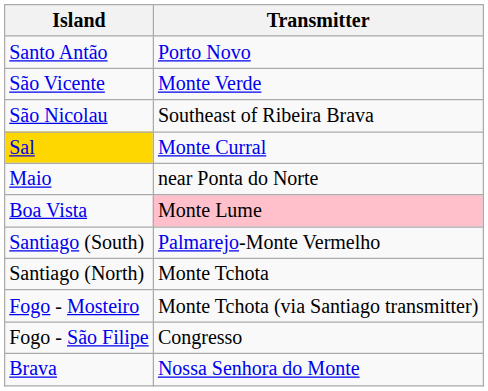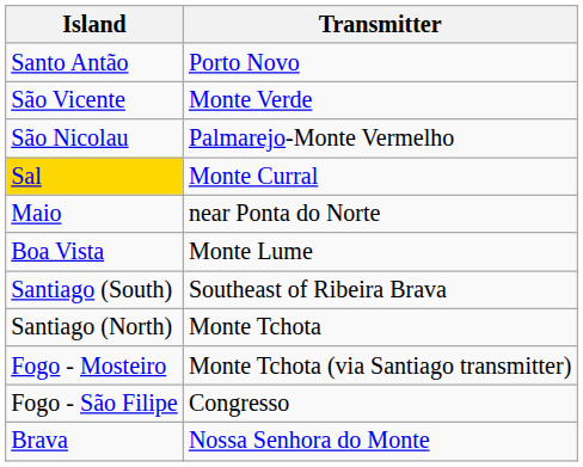 <table class="wikitable sortable">
 <tr>
 <th>Island</th>
 <th>Transmitter</th>
 </tr>
 <tr>
 <td><a href='#'>Santo Antão</a></td>
 <td><a href='#'>Porto Novo</a></td>
 </tr>
 <tr>
 <td><a href='#'>São Vicente</a></td>
 <td><a href='#'>Monte Verde</a></td>
 </tr>
 <tr>
 <td><a href='#'>São Nicolau</a></td>
-<td>Southeast of Ribeira Brava</td>
+<td><a href='#'>Palmarejo</a>-Monte Vermelho</td>
 </tr>
 <tr>
 <td style="background: gold;"><a href='#'>Sal</a></td>
 <td><a href='#'>Monte Curral</a></td>
 </tr>
 <tr>
 <td><a href='#'>Maio</a></td>
 <td>near Ponta do Norte</td>
 </tr>
 <tr>
 <td><a href='#'>Boa Vista</a></td>
-<td style="background: pink;">Monte Lume</td>
+<td>Monte Lume</td>
 </tr>
 <tr>
 <td rowspan=2><a href='#'>Santiago</a> (South)</td>
-<td><a href='#'>Palmarejo</a>-Monte Vermelho</td>
+<td>Southeast of Ribeira Brava</td>
 </tr>
 <tr>
 <td rowspan=2>Monte Tchota</td>
 </tr>
 <tr>
 <td>Santiago (North)</td>
 </tr>
 <tr>
 <td><a href='#'>Fogo</a> - <a href='#'>Mosteiro</a></td>
 <td>Monte Tchota (via Santiago transmitter)</td>
 </tr>
 <tr>
 <td>Fogo - <a href='#'>São Filipe</a></td>
 <td>Congresso</td>
 </tr>
 <tr>
 <td><a href='#'>Brava</a></td>
 <td><a href='#'>Nossa Senhora do Monte</a></td>
 </tr>
 </table>
